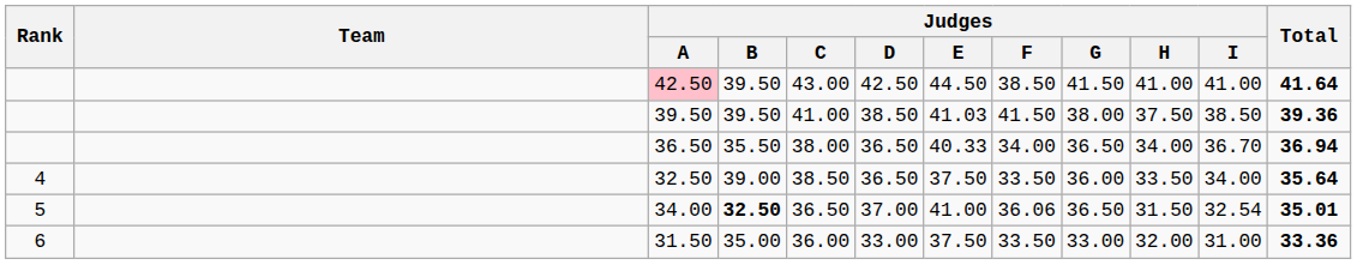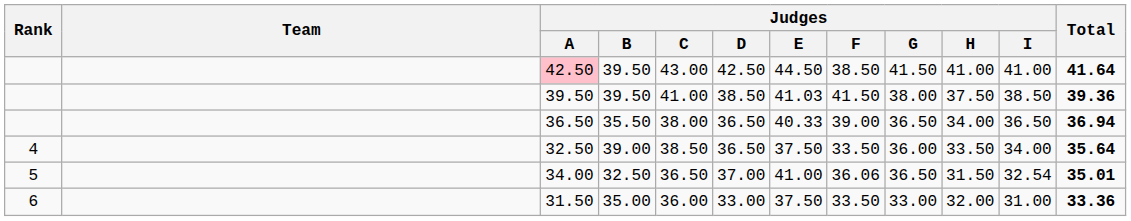 <table class=wikitable style="text-align:center">
 <tr>
 <th rowspan="2" width=40>Rank</th>
 <th rowspan="2" width=380>Team</th>
 <th colspan="9">Judges</th>
 <th rowspan="2" width=50>Total</th>
 </tr>
 <tr>
 <th width=40>A</th>
 <th width=40>B</th>
 <th width=40>C</th>
 <th width=40>D</th>
 <th width=40>E</th>
 <th width=40>F</th>
 <th width=40>G</th>
 <th width=40>H</th>
 <th width=40>I</th>
 </tr>
 <tr>
 <td></td>
 <td align=left></td>
 <td style="background: pink;">42.50</td>
 <td>39.50</td>
 <td>43.00</td>
 <td>42.50</td>
 <td>44.50</td>
 <td>38.50</td>
 <td>41.50</td>
 <td>41.00</td>
 <td>41.00</td>
 <td><strong>41.64</strong></td>
 </tr>
 <tr>
 <td></td>
 <td align=left></td>
 <td>39.50</td>
 <td>39.50</td>
 <td>41.00</td>
 <td>38.50</td>
 <td>41.03</td>
 <td>41.50</td>
 <td>38.00</td>
 <td>37.50</td>
 <td>38.50</td>
 <td><strong>39.36</strong></td>
 </tr>
 <tr>
 <td></td>
 <td align=left></td>
 <td>36.50</td>
 <td>35.50</td>
 <td>38.00</td>
 <td>36.50</td>
 <td>40.33</td>
+<td>39.00</td>
+<td>36.50</td>
 <td>34.00</td>
 <td>36.50</td>
-<td>34.00</td>
-<td>36.70</td>
 <td><strong>36.94</strong></td>
 </tr>
 <tr>
 <td>4</td>
 <td align=left></td>
 <td>32.50</td>
 <td>39.00</td>
 <td>38.50</td>
 <td>36.50</td>
 <td>37.50</td>
 <td>33.50</td>
 <td>36.00</td>
 <td>33.50</td>
 <td>34.00</td>
 <td><strong>35.64</strong></td>
 </tr>
 <tr>
 <td>5</td>
 <td align=left></td>
 <td>34.00</td>
-<td><strong>32.50</strong></td>
+<td>32.50</td>
 <td>36.50</td>
 <td>37.00</td>
 <td>41.00</td>
 <td>36.06</td>
 <td>36.50</td>
 <td>31.50</td>
 <td>32.54</td>
 <td><strong>35.01</strong></td>
 </tr>
 <tr>
 <td>6</td>
 <td align=left></td>
 <td>31.50</td>
 <td>35.00</td>
 <td>36.00</td>
 <td>33.00</td>
 <td>37.50</td>
 <td>33.50</td>
 <td>33.00</td>
 <td>32.00</td>
 <td>31.00</td>
 <td><strong>33.36</strong></td>
 </tr>
 </table>
